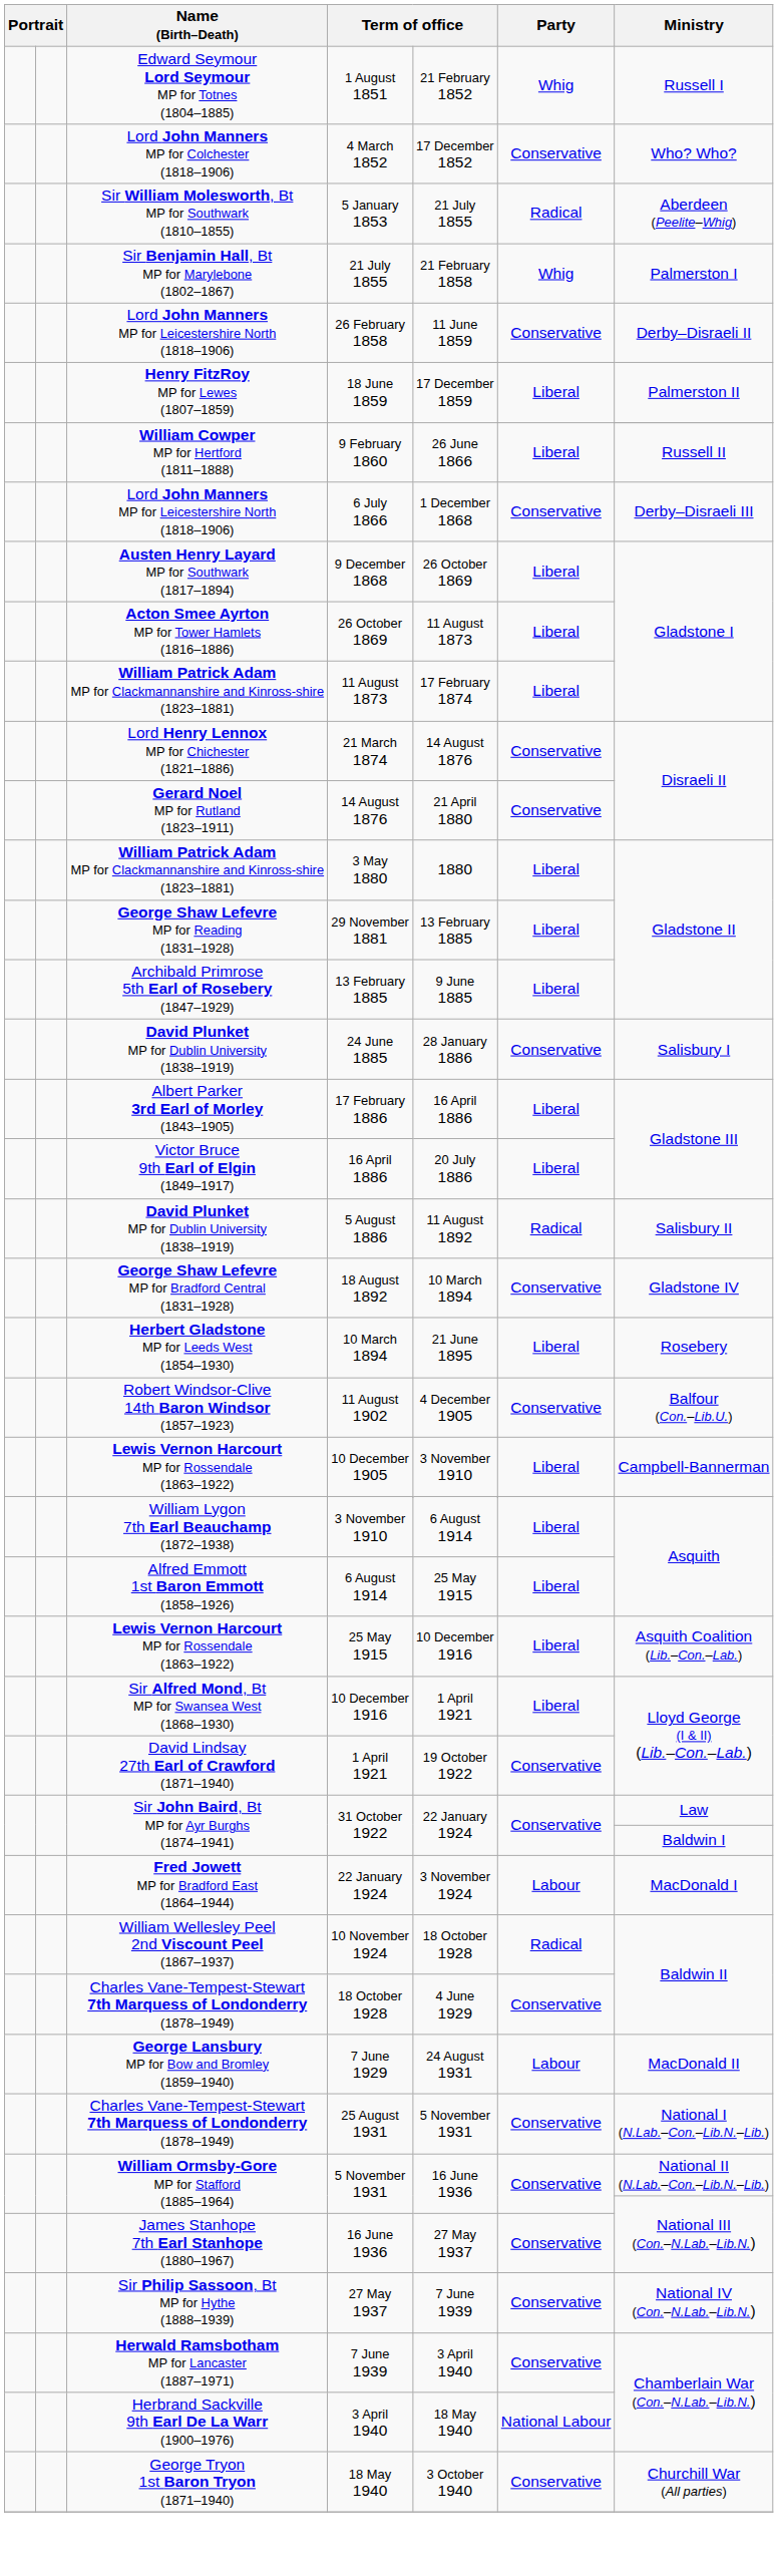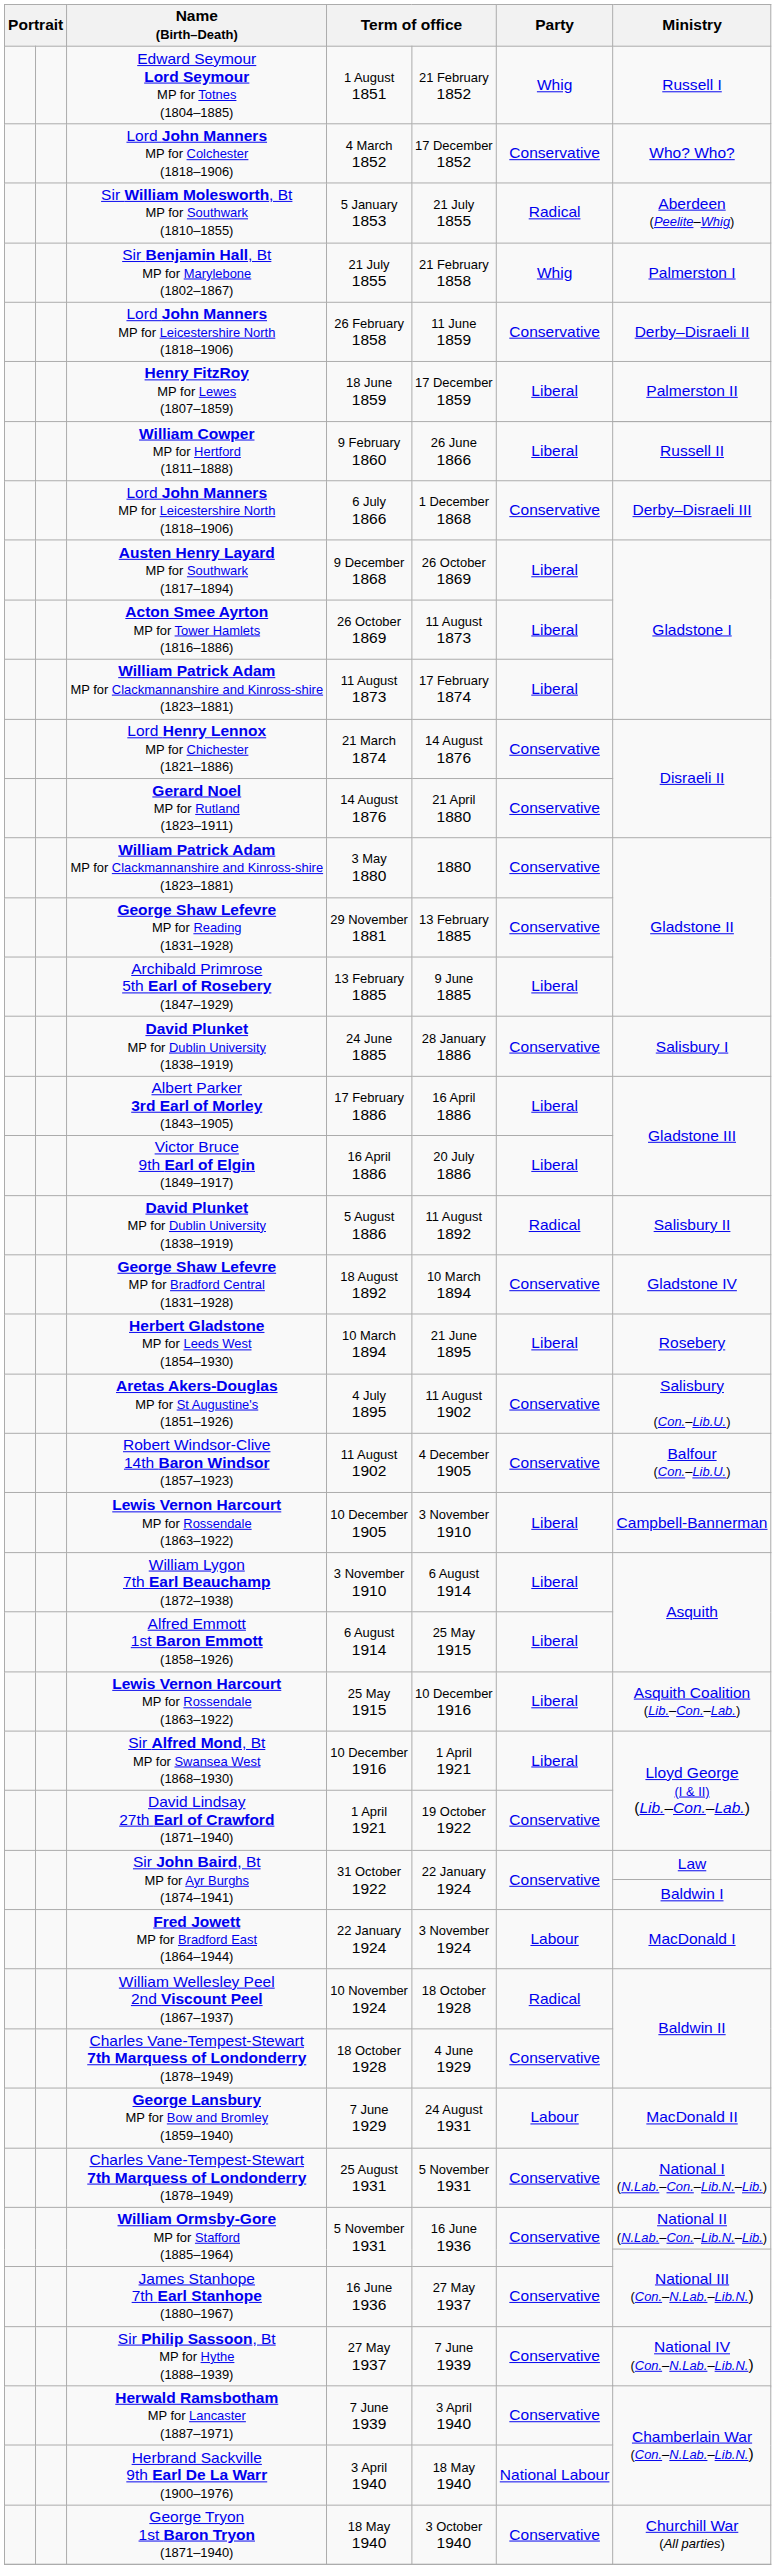 <table class="wikitable" style="text-align:center">
 <tr>
 <th colspan=2>Portrait</th>
 <th>Name<br><small>(Birth–Death)</small></th>
 <th colspan=2>Term of office</th>
 <th>Party</th>
 <th>Ministry</th>
 </tr>
 <tr>
 <td style="background-color:"></td>
 <td></td>
 <td><a href='#'>Edward Seymour<br><strong>Lord Seymour</strong></a><br><small>MP for <a href='#'>Totnes</a><br>(1804–1885)</small></td>
 <td><small>1 August</small><br>1851</td>
 <td><small>21 February</small><br>1852</td>
 <td><a href='#'>Whig</a></td>
 <td><a href='#'>Russell I</a></td>
 </tr>
 <tr>
 <td style="background-color:"></td>
 <td></td>
 <td><a href='#'>Lord <strong>John Manners</strong></a><br><small>MP for <a href='#'>Colchester</a><br>(1818–1906)</small></td>
 <td><small>4 March</small><br>1852</td>
 <td><small>17 December</small><br>1852</td>
 <td><a href='#'>Conservative</a></td>
 <td><a href='#'>Who? Who?</a></td>
 </tr>
 <tr>
 <td style="background-color: "></td>
 <td></td>
 <td><a href='#'>Sir <strong>William Molesworth</strong>, Bt</a><br><small>MP for <a href='#'>Southwark</a><br>(1810–1855)</small></td>
 <td><small>5 January</small><br>1853</td>
 <td><small>21 July</small><br>1855</td>
 <td><a href='#'>Radical</a></td>
 <td><a href='#'>Aberdeen</a><br><small>(<em><a href='#'>Peelite</a>–<a href='#'>Whig</a></em>)</small></td>
 </tr>
 <tr>
 <td style="background-color:"></td>
 <td></td>
 <td><a href='#'>Sir <strong>Benjamin Hall</strong>, Bt</a><br><small>MP for <a href='#'>Marylebone</a><br>(1802–1867)</small></td>
 <td><small>21 July</small><br>1855</td>
 <td><small>21 February</small><br>1858</td>
 <td><a href='#'>Whig</a></td>
 <td><a href='#'>Palmerston I</a></td>
 </tr>
 <tr>
 <td style="background-color:"></td>
 <td></td>
 <td><a href='#'>Lord <strong>John Manners</strong></a><br><small>MP for <a href='#'>Leicestershire North</a><br>(1818–1906)</small></td>
 <td><small>26 February</small><br>1858</td>
 <td><small>11 June</small><br>1859</td>
 <td><a href='#'>Conservative</a></td>
 <td><a href='#'>Derby–Disraeli II</a></td>
 </tr>
 <tr>
 <td style="background-color:"></td>
 <td></td>
 <td><a href='#'><strong>Henry FitzRoy</strong></a><br><small>MP for <a href='#'>Lewes</a><br>(1807–1859)</small></td>
 <td><small>18 June</small><br>1859</td>
 <td><small>17 December</small><br>1859</td>
 <td><a href='#'>Liberal</a></td>
 <td><a href='#'>Palmerston II</a></td>
 </tr>
 <tr>
 <td rowspan=2 style="background-color:"></td>
 <td rowspan=2></td>
 <td rowspan=2><a href='#'><strong>William Cowper</strong></a><br><small>MP for <a href='#'>Hertford</a><br>(1811–1888)</small></td>
 <td rowspan=2><small>9 February</small><br>1860</td>
 <td rowspan=2><small>26 June</small><br>1866</td>
 <td rowspan=2 ><a href='#'>Liberal</a></td>
 </tr>
 <tr>
 <td><a href='#'>Russell II</a></td>
 </tr>
 <tr>
 <td style="background-color:"></td>
 <td></td>
 <td><a href='#'>Lord <strong>John Manners</strong></a><br><small>MP for <a href='#'>Leicestershire North</a><br>(1818–1906)</small></td>
 <td><small>6 July</small><br>1866</td>
 <td><small>1 December</small><br>1868</td>
 <td><a href='#'>Conservative</a></td>
 <td><a href='#'>Derby–Disraeli III</a></td>
 </tr>
 <tr>
 <td style="background-color:"></td>
 <td></td>
 <td><strong><a href='#'>Austen Henry Layard</a></strong><br><small>MP for <a href='#'>Southwark</a><br>(1817–1894)</small></td>
 <td><small>9 December</small><br>1868</td>
 <td><small>26 October</small><br>1869</td>
 <td><a href='#'>Liberal</a></td>
 <td rowspan=3 ><a href='#'>Gladstone I</a></td>
 </tr>
 <tr>
 <td style="background-color:"></td>
 <td></td>
 <td><strong><a href='#'>Acton Smee Ayrton</a></strong><br><small>MP for <a href='#'>Tower Hamlets</a><br>(1816–1886)</small></td>
 <td><small>26 October</small><br>1869</td>
 <td><small>11 August</small><br>1873</td>
 <td><a href='#'>Liberal</a></td>
 </tr>
 <tr>
 <td style="background-color:"></td>
 <td></td>
 <td><strong><a href='#'>William Patrick Adam</a></strong><br><small>MP for <a href='#'>Clackmannanshire and Kinross-shire</a><br>(1823–1881)</small></td>
 <td><small>11 August</small><br>1873</td>
 <td><small>17 February</small><br>1874</td>
 <td><a href='#'>Liberal</a></td>
 </tr>
 <tr>
 <td style="background-color:"></td>
 <td></td>
 <td><a href='#'>Lord <strong>Henry Lennox</strong></a><br><small>MP for <a href='#'>Chichester</a><br>(1821–1886)</small></td>
 <td><small>21 March</small><br>1874</td>
 <td><small>14 August</small><br>1876</td>
 <td><a href='#'>Conservative</a></td>
 <td rowspan=2 ><a href='#'>Disraeli II</a></td>
 </tr>
 <tr>
 <td style="background-color:"></td>
 <td></td>
 <td><a href='#'><strong>Gerard Noel</strong></a><br><small>MP for <a href='#'>Rutland</a><br>(1823–1911)</small></td>
 <td><small>14 August</small><br>1876</td>
 <td><small>21 April</small><br>1880</td>
 <td><a href='#'>Conservative</a></td>
 </tr>
 <tr>
 <td style="background-color:"></td>
 <td></td>
 <td><strong><a href='#'>William Patrick Adam</a></strong><br><small>MP for <a href='#'>Clackmannanshire and Kinross-shire</a><br>(1823–1881)</small></td>
 <td><small>3 May</small><br>1880</td>
 <td>1880</td>
-<td><a href='#'>Liberal</a></td>
+<td><a href='#'>Conservative</a></td>
 <td rowspan=3 ><a href='#'>Gladstone II</a></td>
 </tr>
 <tr>
 <td style="background-color:"></td>
 <td></td>
 <td><a href='#'><strong>George Shaw Lefevre</strong></a><br><small>MP for <a href='#'>Reading</a><br>(1831–1928)</small></td>
 <td><small>29 November</small><br>1881</td>
 <td><small>13 February</small><br>1885</td>
-<td><a href='#'>Liberal</a></td>
+<td><a href='#'>Conservative</a></td>
 </tr>
 <tr>
 <td style="background-color:"></td>
 <td></td>
 <td><a href='#'>Archibald Primrose<br>5th <strong>Earl of Rosebery</strong></a><br><small>(1847–1929)</small></td>
 <td><small>13 February</small><br>1885</td>
 <td><small>9 June</small><br>1885</td>
 <td><a href='#'>Liberal</a></td>
 </tr>
 <tr>
 <td style="background-color:"></td>
 <td></td>
 <td><a href='#'><strong>David Plunket</strong></a><br><small>MP for <a href='#'>Dublin University</a><br>(1838–1919)</small></td>
 <td><small>24 June</small><br>1885</td>
 <td><small>28 January</small><br>1886</td>
 <td><a href='#'>Conservative</a></td>
 <td><a href='#'>Salisbury I</a></td>
 </tr>
 <tr>
 <td style="background-color:"></td>
 <td></td>
 <td><a href='#'>Albert Parker<br><strong>3rd Earl of Morley</strong></a><br><small>(1843–1905)</small></td>
 <td><small>17 February</small><br>1886</td>
 <td><small>16 April</small><br>1886</td>
 <td><a href='#'>Liberal</a></td>
 <td rowspan=2 ><a href='#'>Gladstone III</a></td>
 </tr>
 <tr>
 <td style="background-color:"></td>
 <td></td>
 <td><a href='#'>Victor Bruce<br>9th <strong>Earl of Elgin</strong></a><br><small>(1849–1917)</small></td>
 <td><small>16 April</small><br>1886</td>
 <td><small>20 July</small><br>1886</td>
 <td><a href='#'>Liberal</a></td>
 </tr>
 <tr>
 <td style="background-color:"></td>
 <td></td>
 <td><a href='#'><strong>David Plunket</strong></a><br><small>MP for <a href='#'>Dublin University</a><br>(1838–1919)</small></td>
 <td><small>5 August</small><br>1886</td>
 <td><small>11 August</small><br>1892</td>
 <td><a href='#'>Radical</a></td>
 <td><a href='#'>Salisbury II</a></td>
 </tr>
 <tr>
 <td style="background-color:"></td>
 <td></td>
 <td><a href='#'><strong>George Shaw Lefevre</strong></a><br><small>MP for <a href='#'>Bradford Central</a><br>(1831–1928)</small></td>
 <td><small>18 August</small><br>1892</td>
 <td><small>10 March</small><br>1894</td>
 <td><a href='#'>Conservative</a></td>
 <td><a href='#'>Gladstone IV</a></td>
 </tr>
 <tr>
 <td style="background-color:"></td>
 <td></td>
 <td><a href='#'><strong>Herbert Gladstone</strong></a><br><small>MP for <a href='#'>Leeds West</a><br>(1854–1930)</small></td>
 <td><small>10 March</small><br>1894</td>
 <td><small>21 June</small><br>1895</td>
 <td><a href='#'>Liberal</a></td>
 <td><a href='#'>Rosebery</a></td>
+</tr>
+<tr>
+<td style="background-color:"></td>
+<td></td>
+<td><a href='#'><strong>Aretas Akers-Douglas</strong></a><br><small>MP for <a href='#'>St Augustine's</a><br>(1851–1926)</small></td>
+<td><small>4 July</small><br>1895</td>
+<td><small>11 August</small><br>1902</td>
+<td><a href='#'>Conservative</a></td>
+<td><a href='#'>Salisbury<br></a><br><small>(<em><a href='#'>Con.</a>–<a href='#'>Lib.U.</a></em>)</small></td>
 </tr>
 <tr>
 <td style="background-color:"></td>
 <td></td>
 <td><a href='#'>Robert Windsor-Clive<br>14th <strong>Baron Windsor</strong></a><br><small>(1857–1923)</small></td>
 <td><small>11 August</small><br>1902</td>
 <td><small>4 December</small><br>1905</td>
 <td><a href='#'>Conservative</a></td>
 <td><a href='#'>Balfour</a><br><small>(<em><a href='#'>Con.</a>–<a href='#'>Lib.U.</a></em>)</small></td>
 </tr>
 <tr>
 <td rowspan=2 style="background-color:"></td>
 <td rowspan=2></td>
 <td rowspan=2><a href='#'><strong>Lewis Vernon Harcourt</strong></a><br><small>MP for <a href='#'>Rossendale</a><br>(1863–1922)</small></td>
 <td rowspan=2><small>10 December</small><br>1905</td>
 <td rowspan=2><small>3 November</small><br>1910</td>
 <td rowspan=2 ><a href='#'>Liberal</a></td>
 <td> <br><a href='#'>Campbell-Bannerman</a><br> </td>
 </tr>
 <tr>
 <td rowspan=3 ><a href='#'>Asquith<br></a></td>
 </tr>
 <tr>
 <td style="background-color:"></td>
 <td></td>
 <td><a href='#'>William Lygon<br>7th <strong>Earl Beauchamp</strong></a><br><small>(1872–1938)</small></td>
 <td><small>3 November</small><br>1910</td>
 <td><small>6 August</small><br>1914</td>
 <td><a href='#'>Liberal</a></td>
 </tr>
 <tr>
 <td style="background-color:"></td>
 <td></td>
 <td><a href='#'>Alfred Emmott<br>1st <strong>Baron Emmott</strong></a><br><small>(1858–1926)</small></td>
 <td><small>6 August</small><br>1914</td>
 <td><small>25 May</small><br>1915</td>
 <td><a href='#'>Liberal</a></td>
 </tr>
 <tr>
 <td style="background-color:"></td>
 <td></td>
 <td><a href='#'><strong>Lewis Vernon Harcourt</strong></a><br><small>MP for <a href='#'>Rossendale</a><br>(1863–1922)</small></td>
 <td><small>25 May</small><br>1915</td>
 <td><small>10 December</small><br>1916</td>
 <td><a href='#'>Liberal</a></td>
 <td><a href='#'>Asquith Coalition</a><br><small>(<em><a href='#'>Lib.</a>–<a href='#'>Con.</a>–<a href='#'>Lab.</a></em>)</small></td>
 </tr>
 <tr>
 <td style="background-color:"></td>
 <td></td>
 <td><a href='#'>Sir <strong>Alfred Mond</strong>, Bt</a><br><small>MP for <a href='#'>Swansea West</a><br>(1868–1930)</small> </td>
 <td><small>10 December</small><br>1916</td>
 <td><small>1 April</small><br>1921</td>
 <td><a href='#'>Liberal</a></td>
 <td rowspan=2 ><a href='#'>Lloyd George<br><small>(I & II)</small></a><br>(<em><a href='#'>Lib.</a>–<a href='#'>Con.</a>–<a href='#'>Lab.</a></em>)</td>
 </tr>
 <tr>
 <td style="background-color:"></td>
 <td></td>
 <td><a href='#'>David Lindsay<br>27th <strong>Earl of Crawford</strong></a><br><small>(1871–1940)</small></td>
 <td><small>1 April</small><br>1921</td>
 <td><small>19 October</small><br>1922</td>
 <td><a href='#'>Conservative</a></td>
 </tr>
 <tr>
 <td rowspan=2 style="background-color:"></td>
 <td rowspan=2></td>
 <td rowspan=2><a href='#'>Sir <strong>John Baird</strong>, Bt</a><br><small>MP for <a href='#'>Ayr Burghs</a><br>(1874–1941)</small></td>
 <td rowspan=2><small>31 October</small><br>1922</td>
 <td rowspan=2><small>22 January</small><br>1924</td>
 <td rowspan=2 ><a href='#'>Conservative</a></td>
 <td><a href='#'>Law</a></td>
 </tr>
 <tr>
 <td><a href='#'>Baldwin I</a></td>
 </tr>
 <tr>
 <td style="background-color: "></td>
 <td></td>
 <td><strong><a href='#'>Fred Jowett</a></strong><br><small>MP for <a href='#'>Bradford East</a><br>(1864–1944)</small></td>
 <td><small>22 January</small><br>1924</td>
 <td><small>3 November</small><br>1924</td>
 <td><a href='#'>Labour</a></td>
 <td><a href='#'>MacDonald I</a></td>
 </tr>
 <tr>
 <td style="background-color:"></td>
 <td></td>
 <td><a href='#'>William Wellesley Peel<br>2nd <strong>Viscount Peel</strong></a><br><small>(1867–1937)</small></td>
 <td><small>10 November</small><br>1924</td>
 <td><small>18 October</small><br>1928</td>
 <td><a href='#'>Radical</a></td>
 <td rowspan=2 ><a href='#'>Baldwin II</a></td>
 </tr>
 <tr>
 <td style="background-color:"></td>
 <td></td>
 <td><a href='#'>Charles Vane-Tempest-Stewart<br><strong>7th Marquess of Londonderry</strong></a><br><small>(1878–1949)</small></td>
 <td><small>18 October</small><br>1928</td>
 <td><small>4 June</small><br>1929</td>
 <td><a href='#'>Conservative</a></td>
 </tr>
 <tr>
 <td style="background-color: "></td>
 <td></td>
 <td><strong><a href='#'>George Lansbury</a></strong><br><small>MP for <a href='#'>Bow and Bromley</a><br>(1859–1940)</small></td>
 <td><small>7 June</small><br>1929</td>
 <td><small>24 August</small><br>1931</td>
 <td><a href='#'>Labour</a></td>
 <td><a href='#'>MacDonald II</a></td>
 </tr>
 <tr>
 <td style="background-color:"></td>
 <td></td>
 <td><a href='#'>Charles Vane-Tempest-Stewart<br><strong>7th Marquess of Londonderry</strong></a><br><small>(1878–1949)</small></td>
 <td><small>25 August</small><br>1931</td>
 <td><small>5 November</small><br>1931</td>
 <td><a href='#'>Conservative</a></td>
 <td><a href='#'>National I</a><br><small>(<em><a href='#'>N.Lab.</a>–<a href='#'>Con.</a>–<a href='#'>Lib.N.</a>–<a href='#'>Lib.</a></em>)</small></td>
 </tr>
 <tr>
 <td rowspan=2 style="background-color:"></td>
 <td rowspan=2></td>
 <td rowspan=2><a href='#'><strong>William Ormsby-Gore</strong></a><br><small>MP for <a href='#'>Stafford</a><br>(1885–1964)</small></td>
 <td rowspan=2><small>5 November</small><br>1931</td>
 <td rowspan=2><small>16 June</small><br>1936</td>
 <td rowspan=2 ><a href='#'>Conservative</a></td>
 <td><a href='#'>National II</a><br><small>(<em><a href='#'>N.Lab.</a>–<a href='#'>Con.</a>–<a href='#'>Lib.N.</a>–<a href='#'>Lib.</a></em>)</small></td>
 </tr>
 <tr>
 <td rowspan=2 ><a href='#'>National III</a><br><small>(<em><a href='#'>Con.</a>–<a href='#'>N.Lab.</a>–<a href='#'>Lib.N.</a></em></small>)</td>
 </tr>
 <tr>
 <td style="background-color:"></td>
 <td></td>
 <td><a href='#'>James Stanhope<br>7th <strong>Earl Stanhope</strong></a><br><small>(1880–1967)</small></td>
 <td><small>16 June</small><br>1936</td>
 <td><small>27 May</small><br>1937</td>
 <td><a href='#'>Conservative</a></td>
 </tr>
 <tr>
 <td style="background-color:"></td>
 <td></td>
 <td><a href='#'>Sir <strong>Philip Sassoon</strong>, Bt</a><br><small>MP for <a href='#'>Hythe</a><br>(1888–1939)</small></td>
 <td><small>27 May</small><br>1937</td>
 <td><small>7 June</small><br>1939</td>
 <td><a href='#'>Conservative</a></td>
 <td rowspan=2 ><a href='#'>National IV</a><br><small>(<em><a href='#'>Con.</a>–<a href='#'>N.Lab.</a>–<a href='#'>Lib.N.</a></em></small>)</td>
 </tr>
 <tr>
 <td rowspan=2 style="background-color:"></td>
 <td rowspan=2></td>
 <td rowspan=2><a href='#'><strong>Herwald Ramsbotham</strong></a><br><small>MP for <a href='#'>Lancaster</a><br>(1887–1971)</small></td>
 <td rowspan=2><small>7 June</small><br>1939</td>
 <td rowspan=2><small>3 April</small><br>1940</td>
 <td rowspan=2 ><a href='#'>Conservative</a></td>
 </tr>
 <tr>
 <td rowspan=2 ><a href='#'>Chamberlain War</a><br><small>(<em><a href='#'>Con.</a>–<a href='#'>N.Lab.</a>–<a href='#'>Lib.N.</a></em></small>)</td>
 </tr>
 <tr>
 <td style="background-color: "></td>
 <td></td>
 <td><a href='#'>Herbrand Sackville<br>9th <strong>Earl De La Warr</strong></a><br><small>(1900–1976)</small></td>
 <td><small>3 April</small><br>1940</td>
 <td><small>18 May</small><br>1940</td>
 <td><a href='#'>National Labour</a></td>
 </tr>
 <tr>
 <td style="background-color:"></td>
 <td></td>
 <td><a href='#'>George Tryon<br>1st <strong>Baron Tryon</strong></a><br><small>(1871–1940)</small></td>
 <td><small>18 May</small><br>1940</td>
 <td><small>3 October</small><br>1940</td>
 <td><a href='#'>Conservative</a></td>
 <td><a href='#'>Churchill War</a><br><small>(<em>All parties</em>)</small></td>
 </tr>
 <tr>
 </tr>
 </table>
